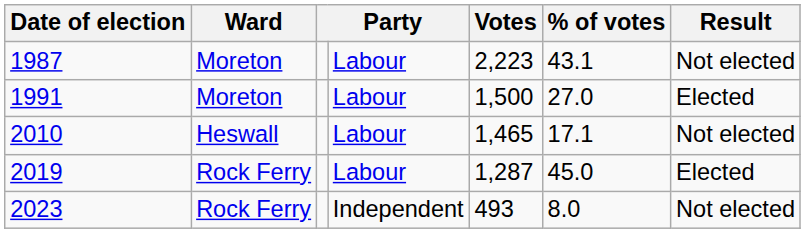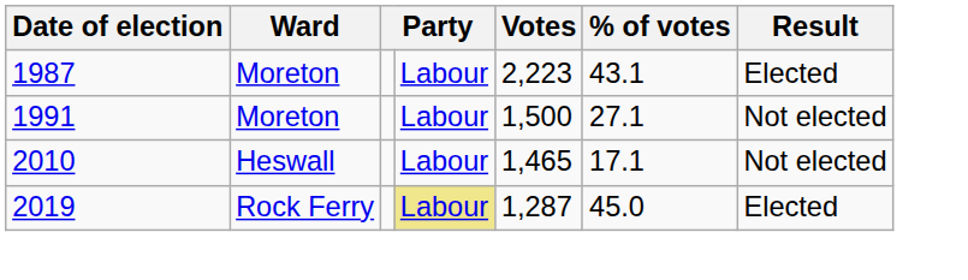 <table class="wikitable">
 <tr>
 <th>Date of election</th>
 <th>Ward</th>
 <th colspan="2">Party</th>
 <th>Votes</th>
 <th>% of votes</th>
 <th>Result</th>
 </tr>
 <tr>
 <td><a href='#'>1987</a></td>
 <td><a href='#'>Moreton</a></td>
 <td style="background-color: "></td>
 <td><a href='#'>Labour</a></td>
 <td>2,223</td>
 <td>43.1</td>
-<td>Not elected</td>
+<td>Elected</td>
 </tr>
 <tr>
 <td><a href='#'>1991</a></td>
 <td><a href='#'>Moreton</a></td>
 <td style="background-color: "></td>
 <td><a href='#'>Labour</a></td>
 <td>1,500</td>
-<td>27.0</td>
-<td>Elected</td>
+<td>27.1</td>
+<td>Not elected</td>
 </tr>
 <tr>
 <td><a href='#'>2010</a></td>
 <td><a href='#'>Heswall</a></td>
 <td style="background-color: "></td>
 <td><a href='#'>Labour</a></td>
 <td>1,465</td>
 <td>17.1</td>
 <td>Not elected</td>
 </tr>
 <tr>
 <td><a href='#'>2019</a></td>
 <td><a href='#'>Rock Ferry</a></td>
 <td style="background-color: "></td>
-<td><a href='#'>Labour</a></td>
+<td style="background: khaki;"><a href='#'>Labour</a></td>
 <td>1,287</td>
 <td>45.0</td>
 <td>Elected</td>
 </tr>
-<tr>
-<td><a href='#'>2023</a></td>
-<td><a href='#'>Rock Ferry</a></td>
-<td></td>
-<td>Independent</td>
-<td>493</td>
-<td>8.0</td>
-<td>Not elected</td>
-</tr>
 </table>
